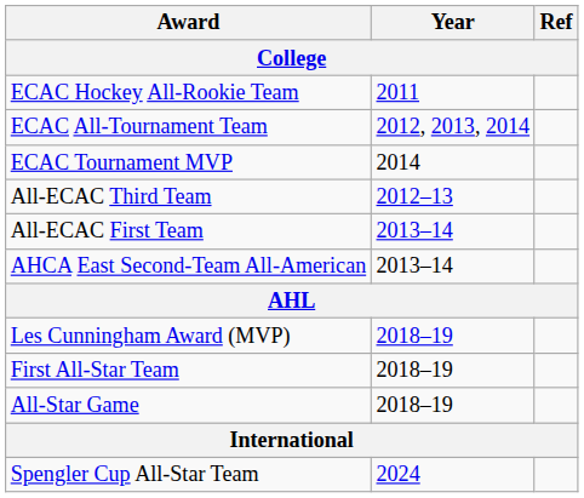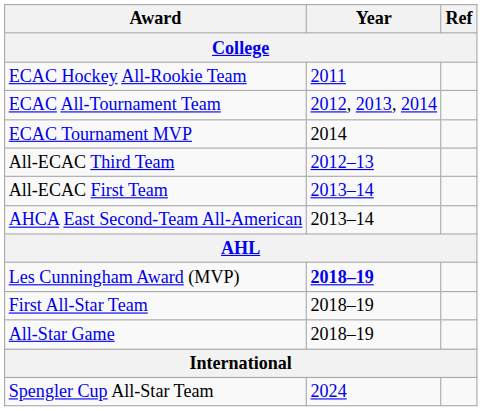 <table class="wikitable">
 <tr>
 <th>Award</th>
 <th>Year</th>
 <th>Ref</th>
 </tr>
 <tr>
 <th colspan="3"><a href='#'>College</a></th>
 </tr>
 <tr>
 <td><a href='#'>ECAC Hockey</a> <a href='#'>All-Rookie Team</a></td>
 <td><a href='#'>2011</a></td>
 <td></td>
 </tr>
 <tr>
 <td><a href='#'>ECAC</a> <a href='#'>All-Tournament Team</a></td>
 <td><a href='#'>2012</a>, <a href='#'>2013</a>, <a href='#'>2014</a></td>
 <td></td>
 </tr>
 <tr>
 <td><a href='#'>ECAC Tournament MVP</a></td>
 <td>2014</td>
 <td></td>
 </tr>
 <tr>
 <td>All-ECAC <a href='#'>Third Team</a></td>
 <td><a href='#'>2012–13</a></td>
 <td></td>
 </tr>
 <tr>
 <td>All-ECAC <a href='#'>First Team</a></td>
 <td><a href='#'>2013–14</a></td>
 <td></td>
 </tr>
 <tr>
 <td><a href='#'>AHCA</a> <a href='#'>East Second-Team All-American</a></td>
 <td>2013–14</td>
 <td></td>
 </tr>
 <tr>
 <th colspan=3><a href='#'>AHL</a></th>
 </tr>
 <tr>
 <td><a href='#'>Les Cunningham Award</a> (MVP)</td>
-<td><a href='#'>2018–19</a></td>
+<td><strong><a href='#'>2018–19</a></strong></td>
 <td></td>
 </tr>
 <tr>
 <td><a href='#'>First All-Star Team</a></td>
 <td>2018–19</td>
 <td></td>
 </tr>
 <tr>
 <td><a href='#'>All-Star Game</a></td>
 <td>2018–19</td>
 <td></td>
 </tr>
 <tr ALIGN="center" bgcolor="#e0e0e0">
 <th colspan="3">International</th>
 </tr>
 <tr>
 <td><a href='#'>Spengler Cup</a> All-Star Team</td>
 <td><a href='#'>2024</a></td>
 <td></td>
 </tr>
 </table>
